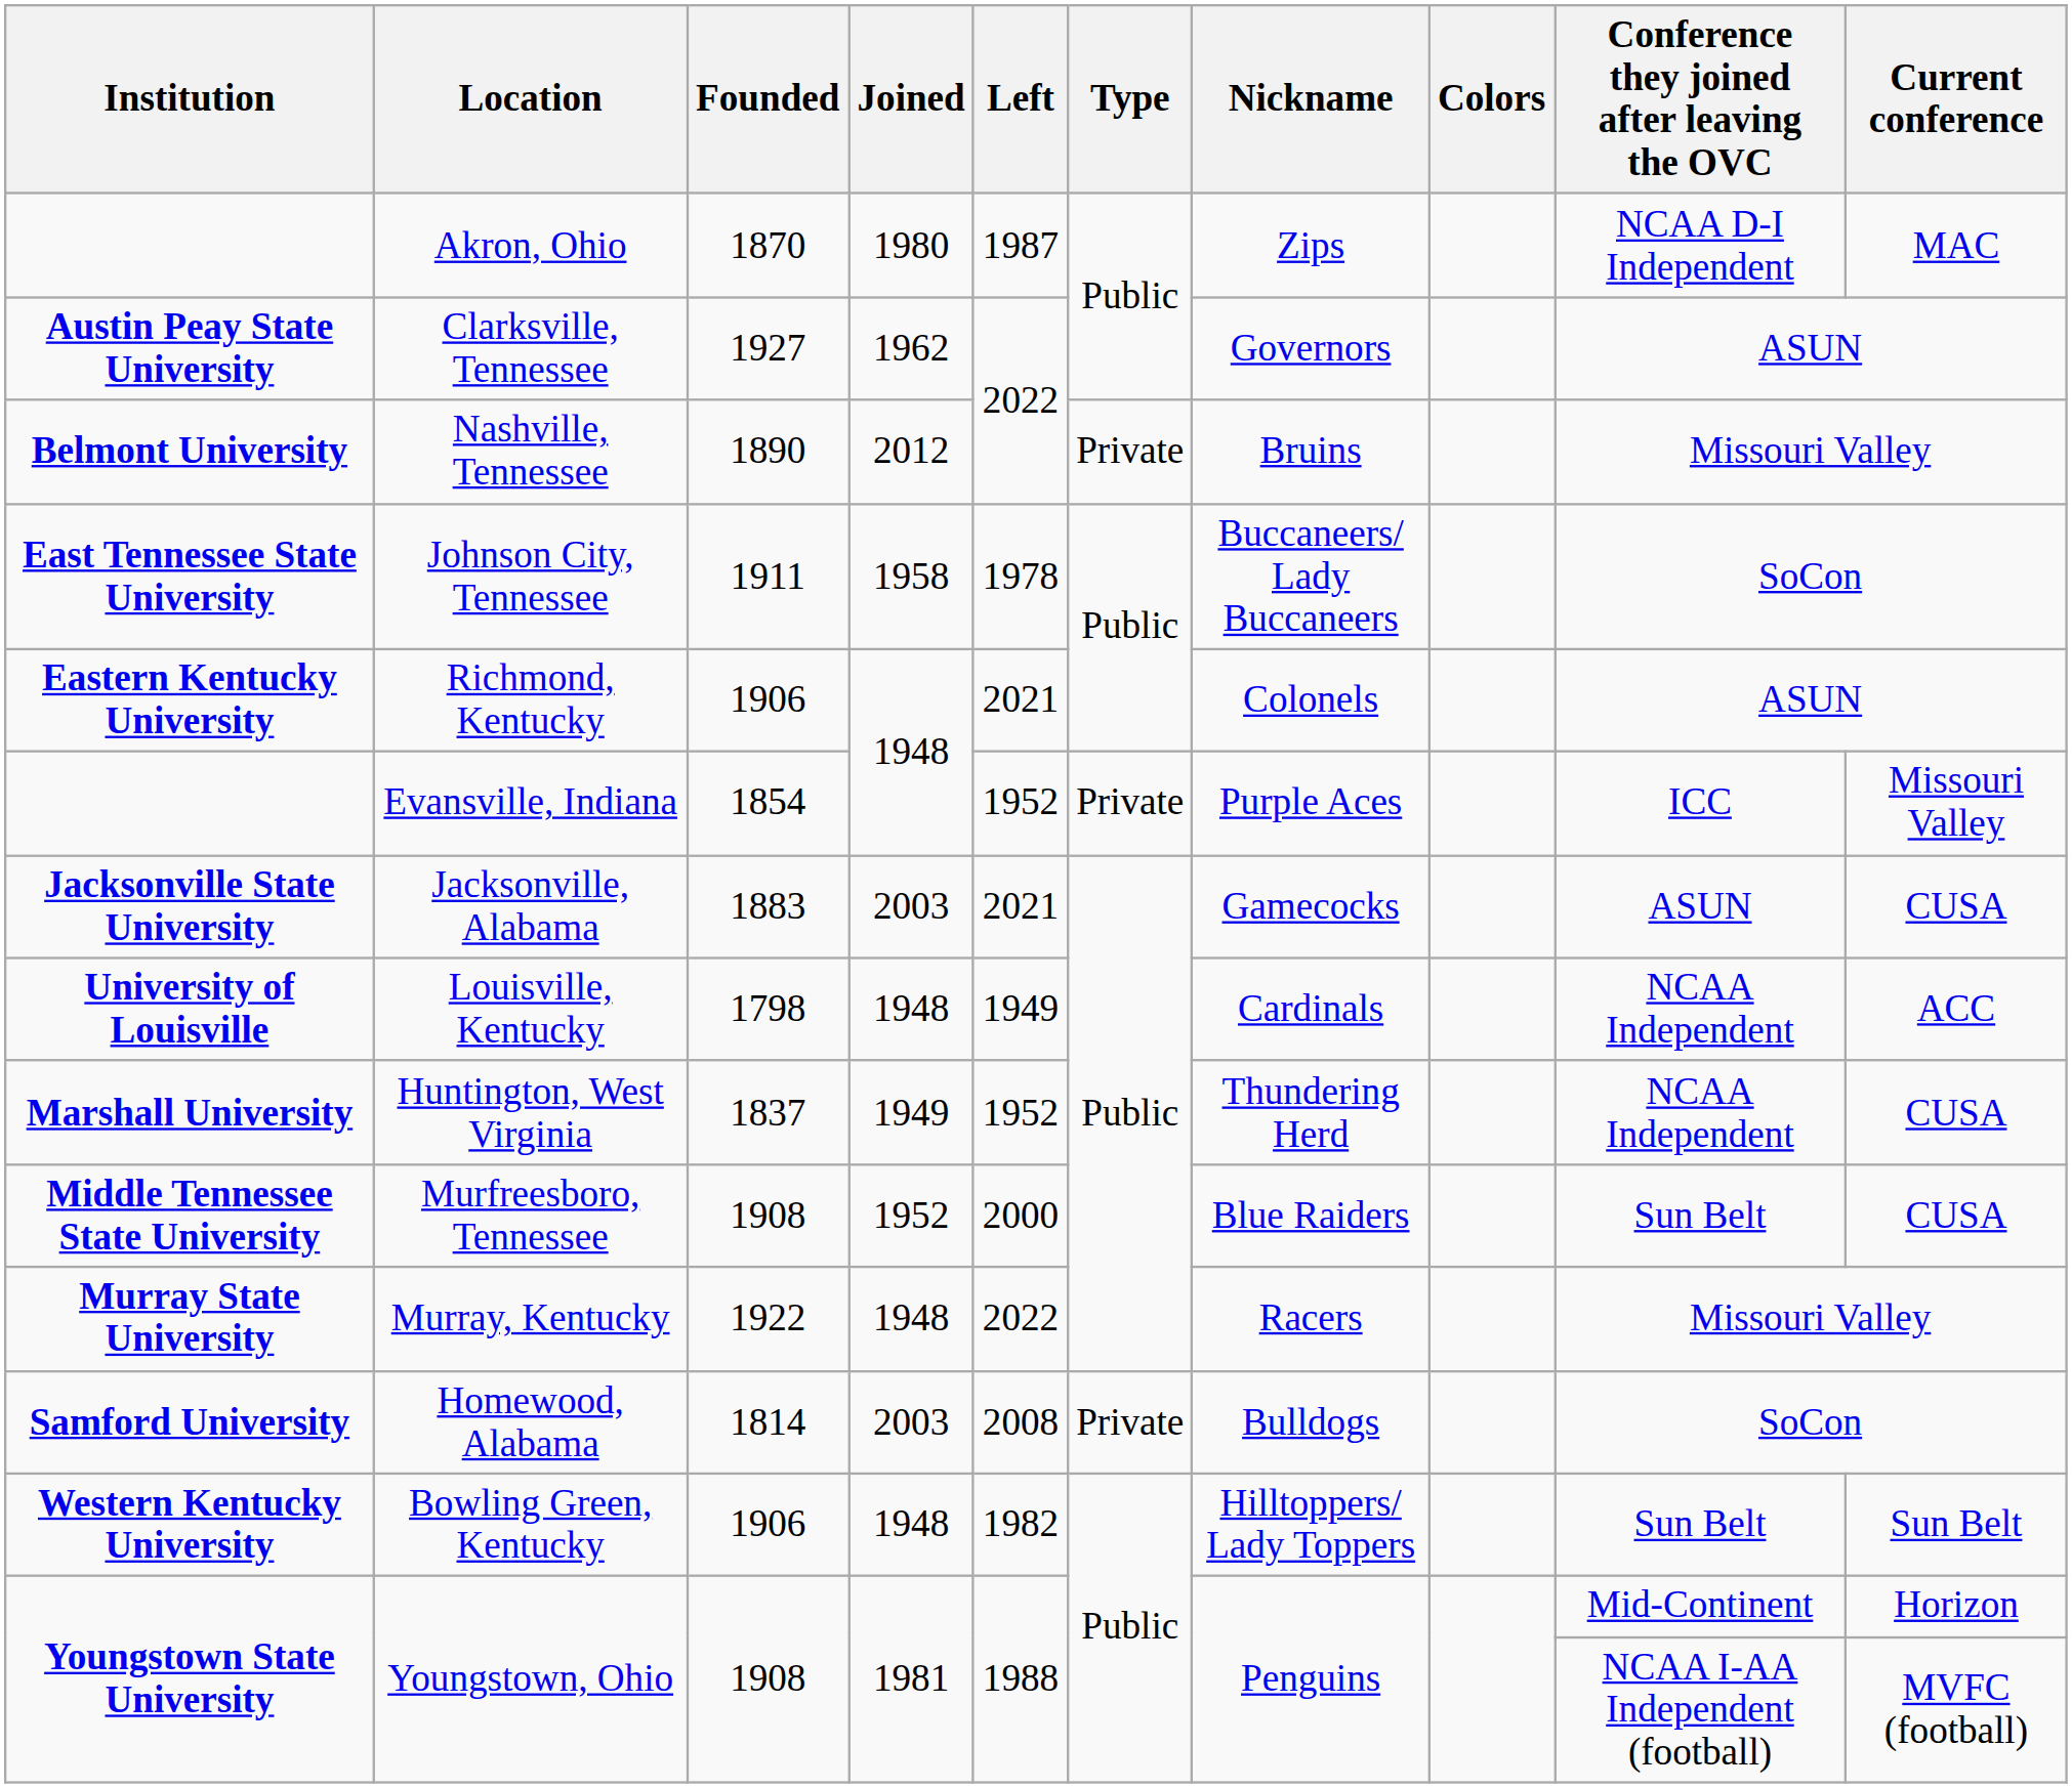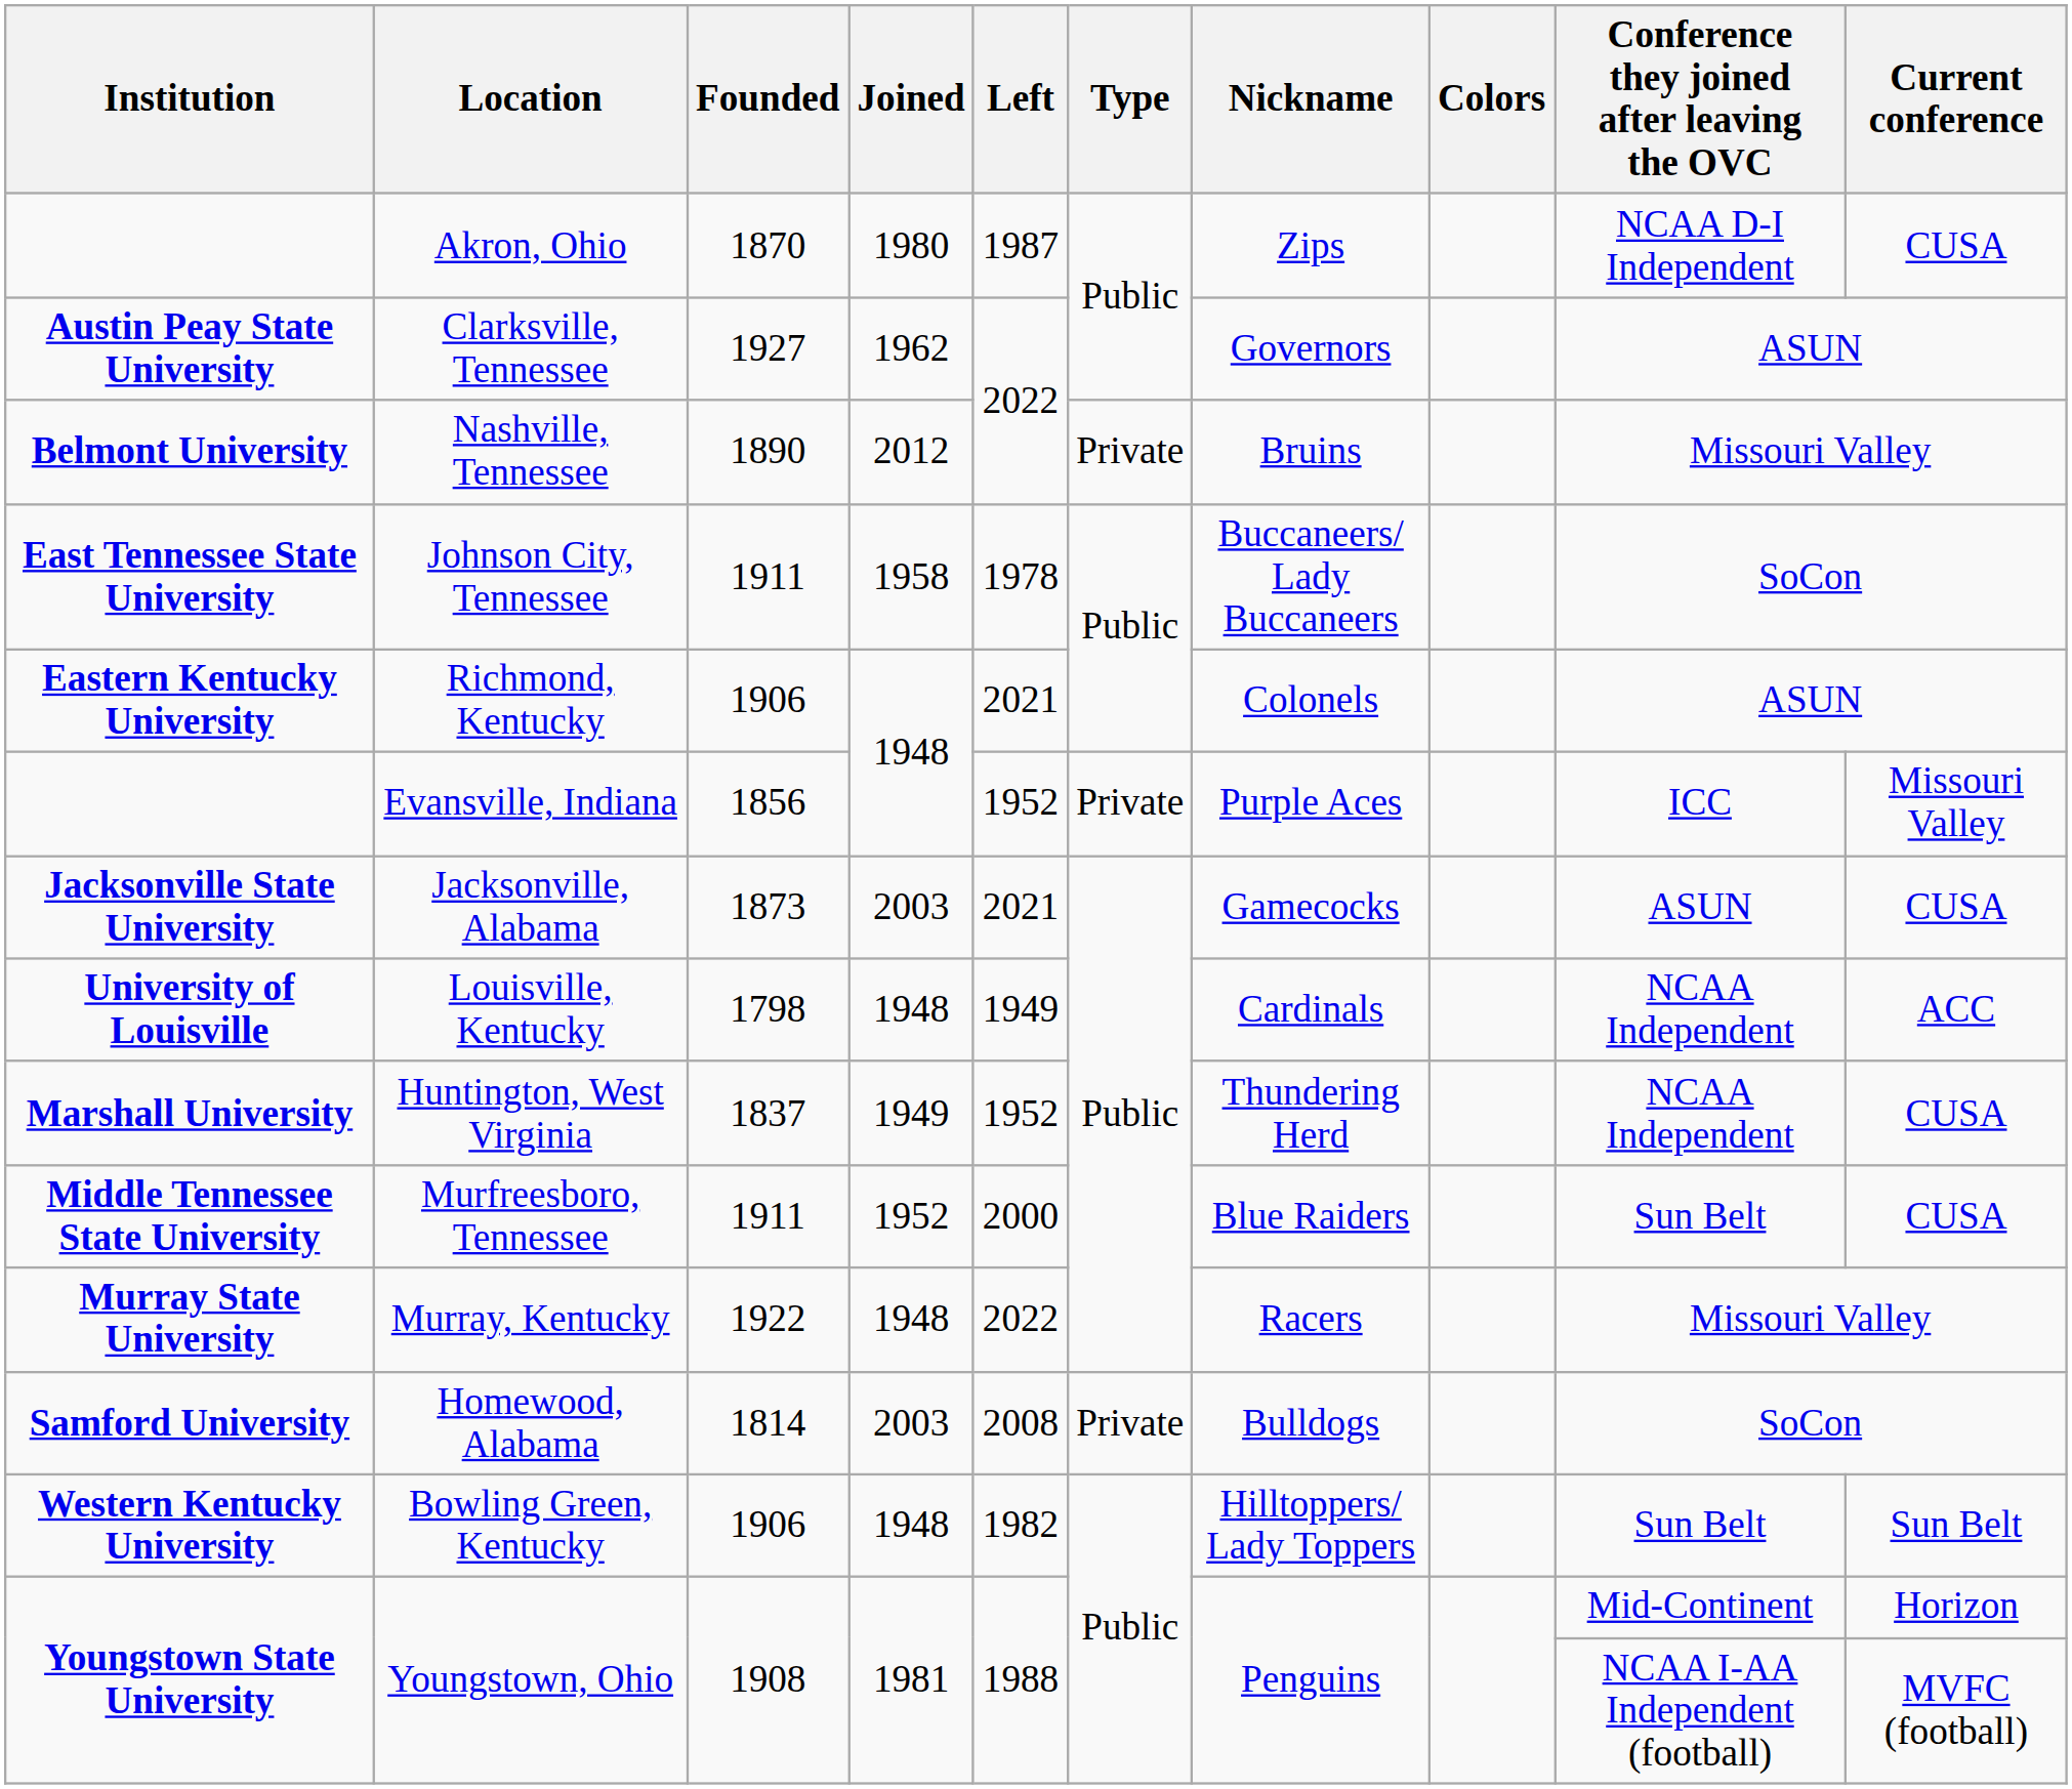 <table class="sortable wikitable" style="text-align:center">
 <tr>
 <th>Institution</th>
 <th>Location</th>
 <th>Founded</th>
 <th>Joined</th>
 <th>Left</th>
 <th>Type</th>
 <th>Nickname</th>
 <th class="unsortable">Colors</th>
 <th>Conference<br>they joined<br>after leaving<br>the OVC</th>
 <th>Current<br>conference</th>
 </tr>
 <tr>
 <td></td>
 <td><a href='#'>Akron, Ohio</a></td>
 <td>1870</td>
 <td>1980</td>
 <td>1987</td>
 <td rowspan="2">Public</td>
 <td><a href='#'>Zips</a></td>
 <td></td>
 <td><a href='#'>NCAA D-I Independent</a></td>
-<td><a href='#'>MAC</a></td>
+<td><a href='#'>CUSA</a></td>
 </tr>
 <tr>
 <td><strong><a href='#'>Austin Peay State University</a></strong></td>
 <td><a href='#'>Clarksville, Tennessee</a></td>
 <td>1927</td>
 <td>1962</td>
 <td rowspan="2">2022</td>
 <td><a href='#'>Governors</a></td>
 <td></td>
 <td colspan="2"><a href='#'>ASUN</a></td>
 </tr>
 <tr>
 <td><strong><a href='#'>Belmont University</a></strong></td>
 <td><a href='#'>Nashville, Tennessee</a></td>
 <td>1890</td>
 <td>2012</td>
 <td>Private</td>
 <td><a href='#'>Bruins</a></td>
 <td></td>
 <td colspan="2"><a href='#'>Missouri Valley</a></td>
 </tr>
 <tr>
 <td><strong><a href='#'>East Tennessee State University</a></strong></td>
 <td><a href='#'>Johnson City, Tennessee</a></td>
 <td>1911</td>
 <td>1958</td>
 <td>1978</td>
 <td rowspan="2">Public</td>
 <td><a href='#'>Buccaneers/<br>Lady Buccaneers</a></td>
 <td></td>
 <td colspan="2"><a href='#'>SoCon</a></td>
 </tr>
 <tr>
 <td><strong><a href='#'>Eastern Kentucky University</a></strong></td>
 <td><a href='#'>Richmond, Kentucky</a></td>
 <td>1906</td>
 <td rowspan="2">1948</td>
 <td>2021</td>
 <td><a href='#'>Colonels</a></td>
 <td></td>
 <td colspan="2"><a href='#'>ASUN</a></td>
 </tr>
 <tr>
 <td></td>
 <td><a href='#'>Evansville, Indiana</a></td>
-<td>1854</td>
+<td>1856</td>
 <td>1952</td>
 <td>Private</td>
 <td><a href='#'>Purple Aces</a></td>
 <td></td>
 <td><a href='#'>ICC</a><br></td>
 <td><a href='#'>Missouri Valley</a></td>
 </tr>
 <tr>
 <td><strong><a href='#'>Jacksonville State University</a></strong></td>
 <td><a href='#'>Jacksonville, Alabama</a></td>
-<td>1883</td>
+<td>1873</td>
 <td>2003</td>
 <td>2021</td>
 <td rowspan="5">Public</td>
 <td><a href='#'>Gamecocks</a></td>
 <td></td>
 <td><a href='#'>ASUN</a></td>
 <td><a href='#'>CUSA</a></td>
 </tr>
 <tr>
 <td><strong><a href='#'>University of Louisville</a></strong></td>
 <td><a href='#'>Louisville, Kentucky</a></td>
 <td>1798</td>
 <td>1948</td>
 <td>1949</td>
 <td><a href='#'>Cardinals</a></td>
 <td></td>
 <td><a href='#'>NCAA Independent</a></td>
 <td><a href='#'>ACC</a></td>
 </tr>
 <tr>
 <td><strong><a href='#'>Marshall University</a></strong></td>
 <td><a href='#'>Huntington, West Virginia</a></td>
 <td>1837</td>
 <td>1949</td>
 <td>1952</td>
 <td><a href='#'>Thundering Herd</a></td>
 <td></td>
 <td><a href='#'>NCAA Independent</a></td>
 <td><a href='#'>CUSA</a></td>
 </tr>
 <tr>
 <td><strong><a href='#'>Middle Tennessee State University</a></strong></td>
 <td><a href='#'>Murfreesboro, Tennessee</a></td>
-<td>1908</td>
+<td>1911</td>
 <td>1952</td>
 <td>2000</td>
 <td><a href='#'>Blue Raiders</a></td>
 <td></td>
 <td><a href='#'>Sun Belt</a></td>
 <td><a href='#'>CUSA</a></td>
 </tr>
 <tr>
 <td><strong><a href='#'>Murray State University</a></strong></td>
 <td><a href='#'>Murray, Kentucky</a></td>
 <td>1922</td>
 <td>1948</td>
 <td>2022</td>
 <td><a href='#'>Racers</a></td>
 <td></td>
 <td colspan="2"><a href='#'>Missouri Valley</a></td>
 </tr>
 <tr>
 <td><strong><a href='#'>Samford University</a></strong></td>
 <td><a href='#'>Homewood, Alabama</a></td>
 <td>1814</td>
 <td>2003</td>
 <td>2008</td>
 <td>Private</td>
 <td><a href='#'>Bulldogs</a></td>
 <td></td>
 <td colspan="2"><a href='#'>SoCon</a></td>
 </tr>
 <tr>
 <td><strong><a href='#'>Western Kentucky University</a></strong></td>
 <td><a href='#'>Bowling Green, Kentucky</a></td>
 <td>1906</td>
 <td>1948</td>
 <td>1982</td>
 <td rowspan="3">Public</td>
 <td><a href='#'>Hilltoppers/<br>Lady Toppers</a></td>
 <td></td>
 <td><a href='#'>Sun Belt</a></td>
 <td><a href='#'>Sun Belt</a></td>
 </tr>
 <tr>
 <td rowspan="2"><strong><a href='#'>Youngstown State University</a></strong></td>
 <td rowspan="2"><a href='#'>Youngstown, Ohio</a></td>
 <td rowspan="2">1908</td>
 <td rowspan="2">1981</td>
 <td rowspan="2">1988</td>
 <td rowspan="2"><a href='#'>Penguins</a></td>
 <td rowspan="2"></td>
 <td><a href='#'>Mid-Continent</a></td>
 <td><a href='#'>Horizon</a></td>
 </tr>
 <tr>
 <td><a href='#'>NCAA I-AA Independent</a><br>(football)</td>
 <td><a href='#'>MVFC</a><br>(football)</td>
 </tr>
 </table>
